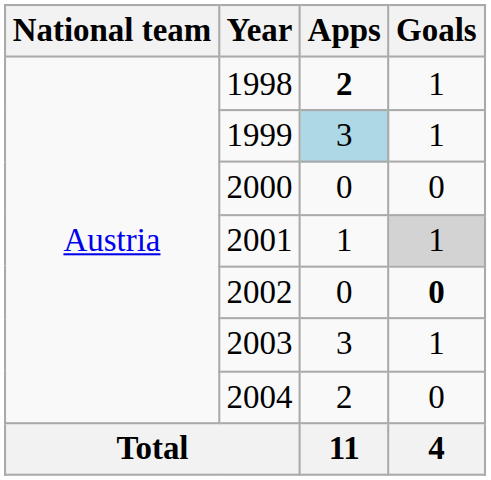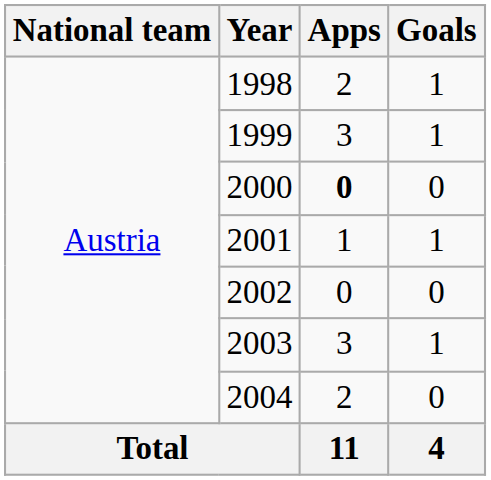 <table class="wikitable" style="text-align:center">
 <tr>
 <th>National team</th>
 <th>Year</th>
 <th>Apps</th>
 <th>Goals</th>
 </tr>
 <tr>
 <td rowspan="7"><a href='#'>Austria</a></td>
 <td>1998</td>
-<td><strong>2</strong></td>
+<td>2</td>
 <td>1</td>
 </tr>
 <tr>
 <td>1999</td>
-<td style="background: lightblue;">3</td>
+<td>3</td>
 <td>1</td>
 </tr>
 <tr>
 <td>2000</td>
-<td>0</td>
+<td><strong>0</strong></td>
 <td>0</td>
 </tr>
 <tr>
 <td>2001</td>
 <td>1</td>
-<td style="background: lightgrey;">1</td>
+<td>1</td>
 </tr>
 <tr>
 <td>2002</td>
 <td>0</td>
-<td><strong>0</strong></td>
+<td>0</td>
 </tr>
 <tr>
 <td>2003</td>
 <td>3</td>
 <td>1</td>
 </tr>
 <tr>
 <td>2004</td>
 <td>2</td>
 <td>0</td>
 </tr>
 <tr>
 <th colspan="2">Total</th>
 <th>11</th>
 <th>4</th>
 </tr>
 </table>
